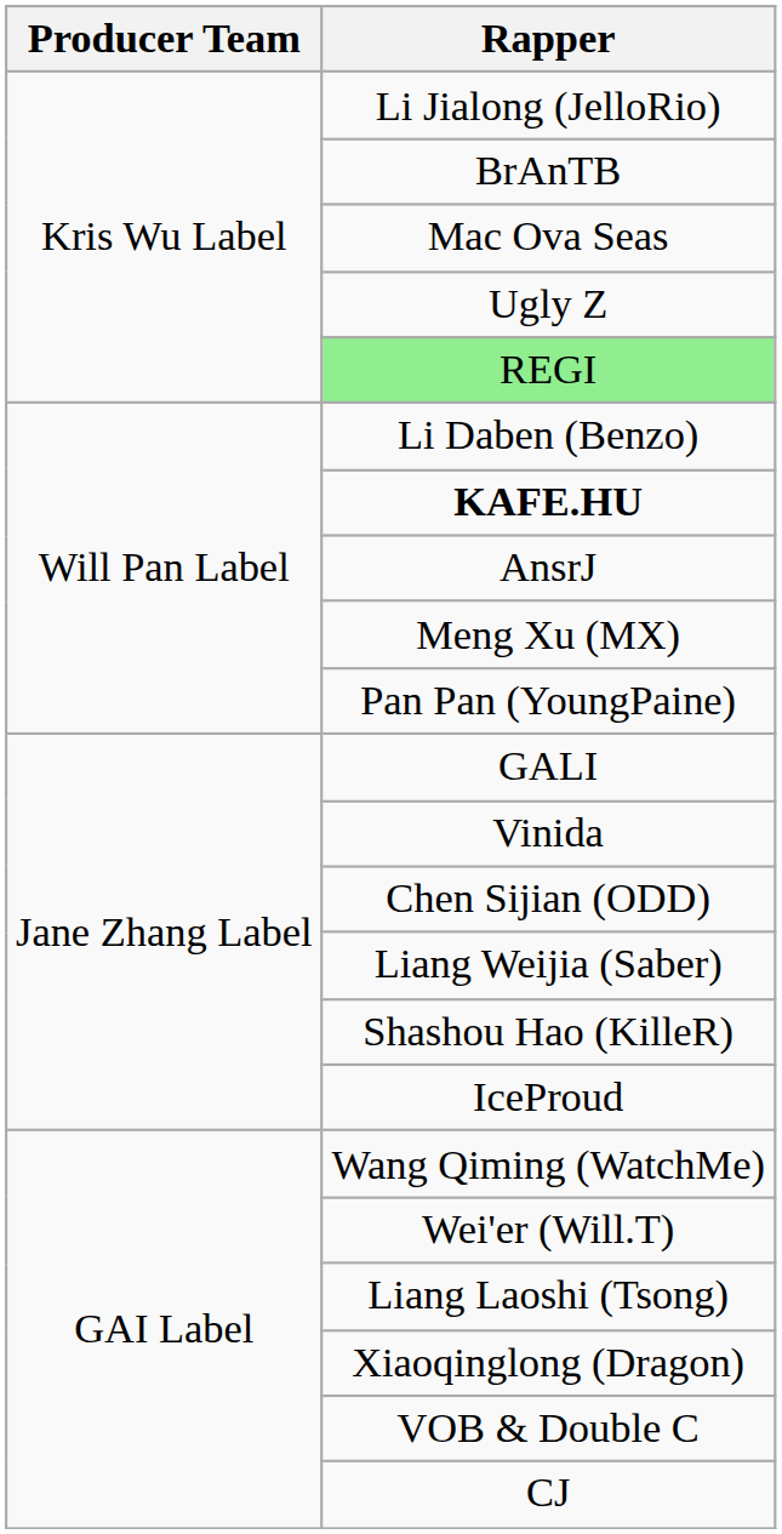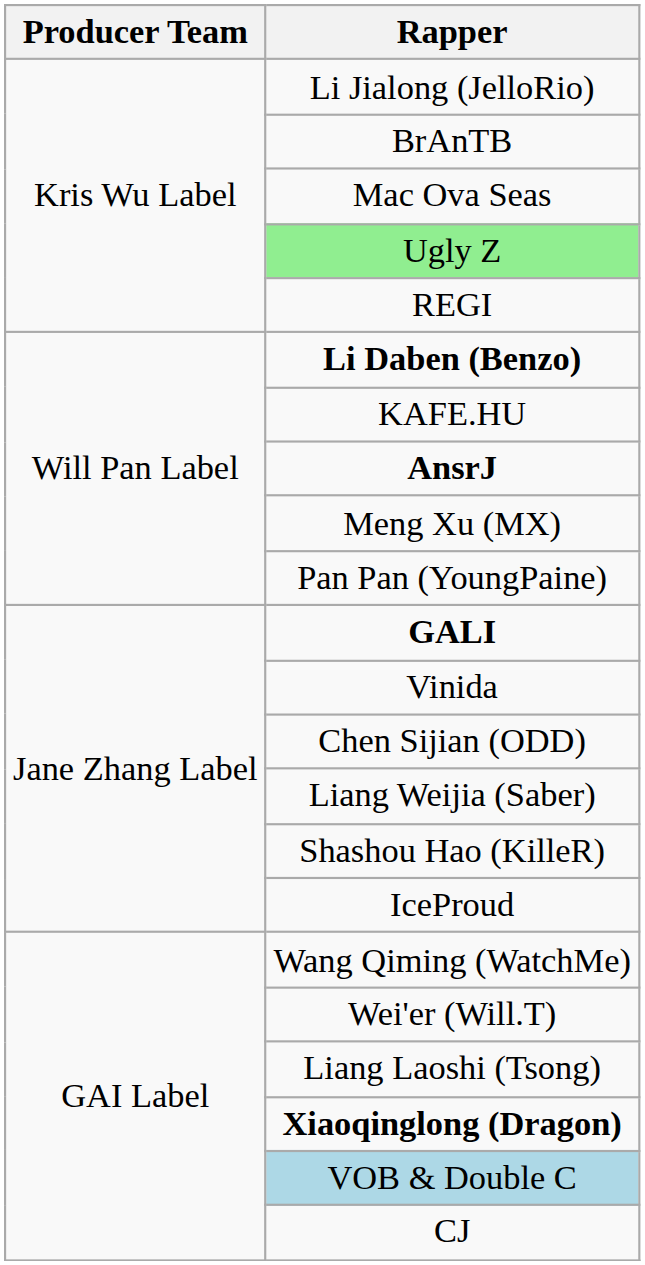 <table class="wikitable" style="text-align:center" border="2">
 <tr>
 <th>Producer Team</th>
 <th>Rapper</th>
 </tr>
 <tr>
 <td rowspan="5">Kris Wu Label</td>
 <td>Li Jialong (JelloRio)</td>
 </tr>
 <tr>
 <td>BrAnTB</td>
 </tr>
 <tr>
 <td>Mac Ova Seas</td>
 </tr>
 <tr>
-<td>Ugly Z</td>
+<td style="background: lightgreen;">Ugly Z</td>
 </tr>
 <tr>
-<td style="background: lightgreen;">REGI</td>
+<td>REGI</td>
 </tr>
 <tr>
 <td rowspan="5">Will Pan Label</td>
-<td>Li Daben (Benzo)</td>
+<td><strong>Li Daben (Benzo)</strong></td>
 </tr>
 <tr>
-<td><strong>KAFE.HU</strong></td>
+<td>KAFE.HU</td>
 </tr>
 <tr>
-<td>AnsrJ</td>
+<td><strong>AnsrJ</strong></td>
 </tr>
 <tr>
 <td>Meng Xu (MX)</td>
 </tr>
 <tr>
 <td>Pan Pan (YoungPaine)</td>
 </tr>
 <tr>
 <td rowspan="6">Jane Zhang Label</td>
-<td>GALI</td>
+<td><strong>GALI</strong></td>
 </tr>
 <tr>
 <td>Vinida</td>
 </tr>
 <tr>
 <td>Chen Sijian (ODD)</td>
 </tr>
 <tr>
 <td>Liang Weijia (Saber)</td>
 </tr>
 <tr>
 <td>Shashou Hao (KilleR)</td>
 </tr>
 <tr>
 <td>IceProud</td>
 </tr>
 <tr>
 <td rowspan="6">GAI Label</td>
 <td>Wang Qiming (WatchMe)</td>
 </tr>
 <tr>
 <td>Wei'er (Will.T)</td>
 </tr>
 <tr>
 <td>Liang Laoshi (Tsong)</td>
 </tr>
 <tr>
-<td>Xiaoqinglong (Dragon)</td>
+<td><strong>Xiaoqinglong (Dragon)</strong></td>
 </tr>
 <tr>
-<td>VOB & Double C</td>
+<td style="background: lightblue;">VOB & Double C</td>
 </tr>
 <tr>
 <td>CJ</td>
 </tr>
 <tr>
 </tr>
 </table>
